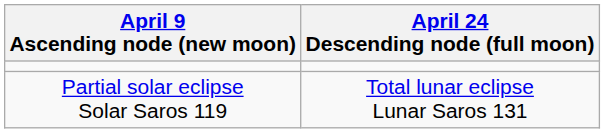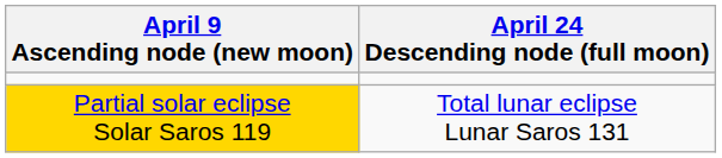 <table class="wikitable">
 <tr>
 <th><a href='#'>April 9</a><br>Ascending node (new moon)<br></th>
 <th><a href='#'>April 24</a><br>Descending node (full moon)<br></th>
 </tr>
 <tr>
 <td></td>
 <td></td>
 </tr>
 <tr align=center>
-<td><a href='#'>Partial solar eclipse</a><br>Solar Saros 119</td>
+<td style="background: gold;"><a href='#'>Partial solar eclipse</a><br>Solar Saros 119</td>
 <td><a href='#'>Total lunar eclipse</a><br>Lunar Saros 131</td>
 </tr>
 </table>
